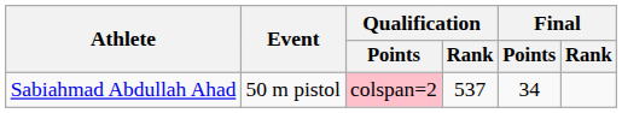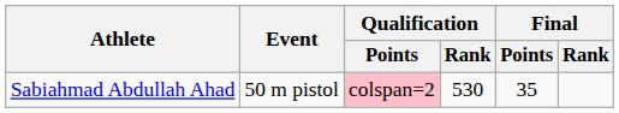 <table class="wikitable" style="font-size:90%;">
 <tr>
 <th rowspan=2>Athlete</th>
 <th rowspan=2>Event</th>
 <th colspan=2>Qualification</th>
 <th colspan=2>Final</th>
 </tr>
 <tr style="font-size:95%">
 <th>Points</th>
 <th>Rank</th>
 <th>Points</th>
 <th>Rank</th>
 </tr>
 <tr align=center>
 <td align=left><a href='#'>Sabiahmad Abdullah Ahad</a></td>
 <td align=left>50 m pistol</td>
 <td style="background: pink;">colspan=2 </td>
-<td>537</td>
-<td>34</td>
+<td>530</td>
+<td>35</td>
 </tr>
 </table>
